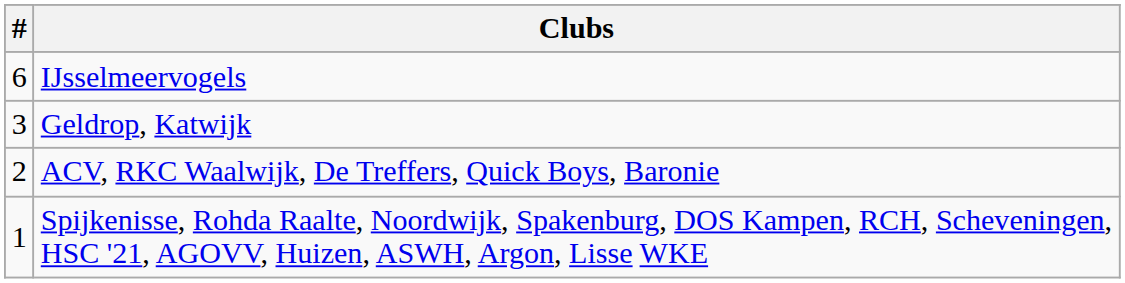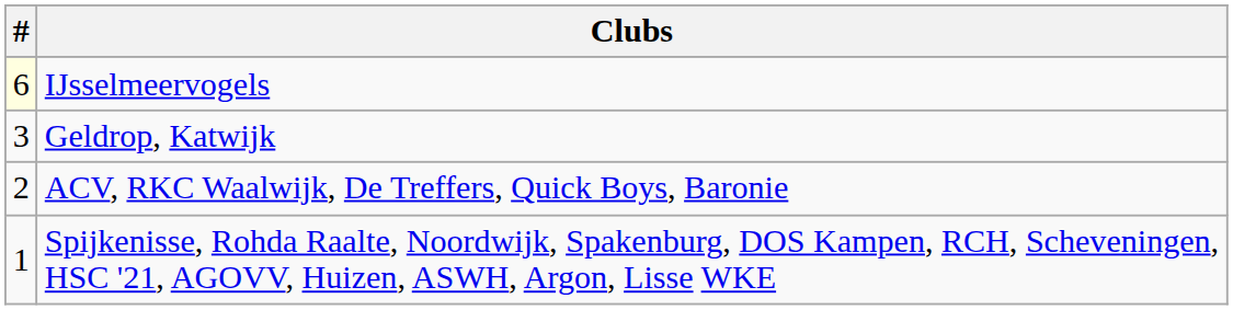 <table class="wikitable">
 <tr>
 <th>#</th>
 <th>Clubs</th>
 </tr>
 <tr>
-<td>6</td>
+<td style="background: lightyellow;">6</td>
 <td><a href='#'>IJsselmeervogels</a></td>
 </tr>
 <tr>
 <td>3</td>
 <td><a href='#'>Geldrop</a>, <a href='#'>Katwijk</a></td>
 </tr>
 <tr>
 <td>2</td>
 <td><a href='#'>ACV</a>, <a href='#'>RKC Waalwijk</a>, <a href='#'>De Treffers</a>, <a href='#'>Quick Boys</a>, <a href='#'>Baronie</a></td>
 </tr>
 <tr>
 <td>1</td>
 <td><a href='#'>Spijkenisse</a>, <a href='#'>Rohda Raalte</a>, <a href='#'>Noordwijk</a>, <a href='#'>Spakenburg</a>, <a href='#'>DOS Kampen</a>, <a href='#'>RCH</a>, <a href='#'>Scheveningen</a>,<br><a href='#'>HSC '21</a>, <a href='#'>AGOVV</a>, <a href='#'>Huizen</a>, <a href='#'>ASWH</a>, <a href='#'>Argon</a>, <a href='#'>Lisse</a> <a href='#'>WKE</a></td>
 </tr>
 </table>
